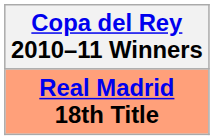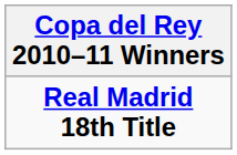 <table class="wikitable" style="text-align: center; margin: 0 auto;">
 <tr>
 <th><a href='#'>Copa del Rey</a><br>2010–11 Winners</th>
 </tr>
 <tr>
-<td style="background: lightsalmon;"><strong><a href='#'>Real Madrid</a></strong><br><strong>18th Title</strong></td>
+<td><strong><a href='#'>Real Madrid</a></strong><br><strong>18th Title</strong></td>
 </tr>
 </table>
